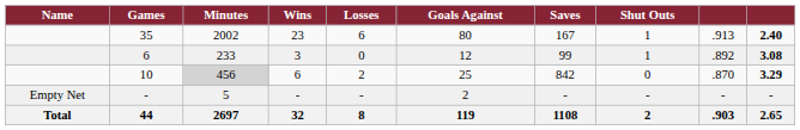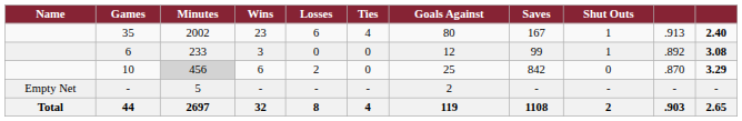 <table class="wikitable sortable" width ="1000">
 <tr align="center">
 <th style="color:white; background:#862334; ">Name</th>
 <th style="color:white; background:#862334; ">Games</th>
 <th style="color:white; background:#862334; ">Minutes</th>
 <th style="color:white; background:#862334; ">Wins</th>
 <th style="color:white; background:#862334; ">Losses</th>
+<th style="color:white; background:#862334; ">Ties</th>
 <th style="color:white; background:#862334; ">Goals Against</th>
 <th style="color:white; background:#862334; ">Saves</th>
 <th style="color:white; background:#862334; ">Shut Outs</th>
 <th style="color:white; background:#862334; "><a href='#'></a></th>
 <th style="color:white; background:#862334; "><a href='#'></a></th>
 </tr>
 <tr align="center">
 <td></td>
 <td>35</td>
 <td>2002</td>
 <td>23</td>
 <td>6</td>
+<td>4</td>
 <td>80</td>
 <td>167</td>
 <td>1</td>
 <td>.913</td>
 <td><strong>2.40</strong></td>
 </tr>
 <tr align="center" bgcolor="#f0f0f0">
 <td></td>
 <td>6</td>
 <td>233</td>
 <td>3</td>
+<td>0</td>
 <td>0</td>
 <td>12</td>
 <td>99</td>
 <td>1</td>
 <td>.892</td>
 <td><strong>3.08</strong></td>
 </tr>
 <tr align="center">
 <td></td>
 <td>10</td>
 <td style="background: lightgrey;">456</td>
 <td>6</td>
 <td>2</td>
+<td>0</td>
 <td>25</td>
 <td>842</td>
 <td>0</td>
 <td>.870</td>
 <td><strong>3.29</strong></td>
 </tr>
 <tr align="center" bgcolor="#f0f0f0">
 <td>Empty Net</td>
 <td>-</td>
 <td>5</td>
+<td>-</td>
 <td>-</td>
 <td>-</td>
 <td>2</td>
 <td>-</td>
 <td>-</td>
 <td>-</td>
 <td>-</td>
 </tr>
 <tr>
 <th>Total</th>
 <th>44</th>
 <th>2697</th>
 <th>32</th>
 <th>8</th>
+<th>4</th>
 <th>119</th>
 <th>1108</th>
 <th>2</th>
 <th>.903</th>
 <th><strong>2.65</strong></th>
 </tr>
 </table>
